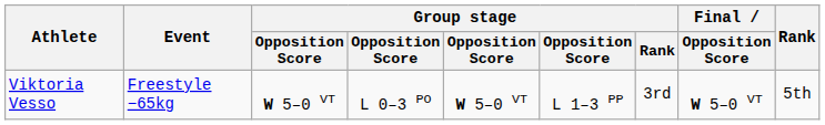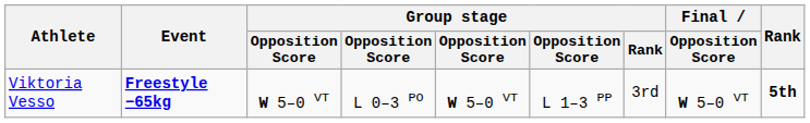 <table class="wikitable" style="font-size:90%">
 <tr>
 <th rowspan=2>Athlete</th>
 <th rowspan=2>Event</th>
 <th colspan=5>Group stage</th>
 <th>Final / </th>
 <th rowspan=2>Rank</th>
 </tr>
 <tr style="font-size:95%">
 <th>Opposition<br>Score</th>
 <th>Opposition<br>Score</th>
 <th>Opposition<br>Score</th>
 <th>Opposition<br>Score</th>
 <th>Rank</th>
 <th>Opposition<br>Score</th>
 </tr>
 <tr align=center>
 <td align=left><a href='#'>Viktoria Vesso</a></td>
-<td align=left><a href='#'>Freestyle −65kg</a></td>
+<td align=left><strong><a href='#'>Freestyle −65kg</a></strong></td>
 <td><br><strong>W</strong> 5–0 <sup>VT</sup></td>
 <td><br>L 0–3 <sup>PO</sup></td>
 <td><br><strong>W</strong> 5–0 <sup>VT</sup></td>
 <td><br>L 1–3 <sup>PP</sup></td>
 <td>3rd</td>
 <td><br><strong>W</strong> 5–0 <sup>VT</sup></td>
-<td>5th</td>
+<td><strong>5th</strong></td>
 </tr>
 </table>
